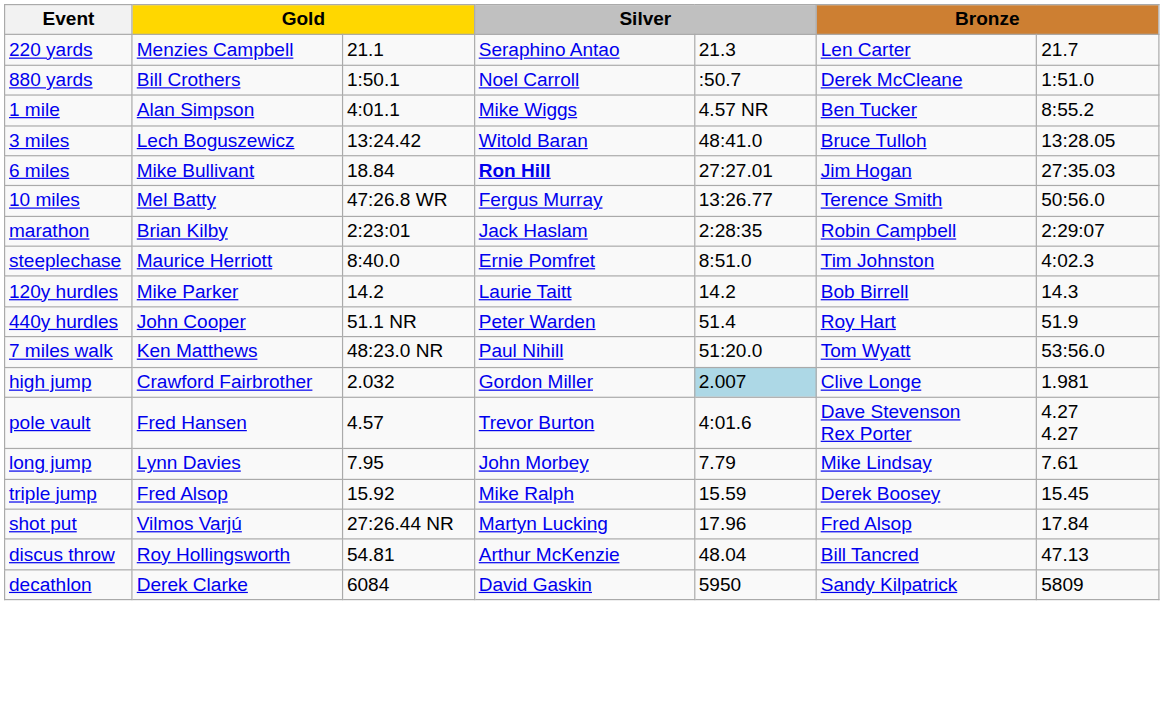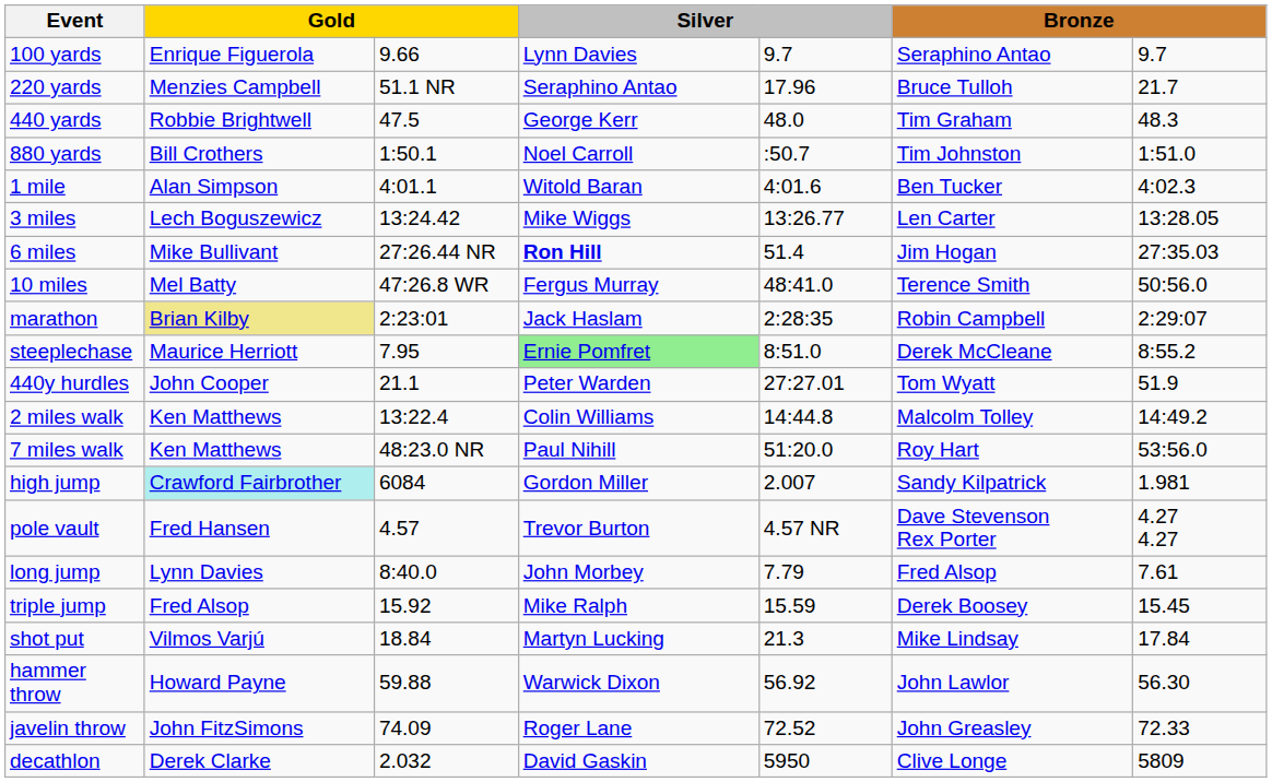 <table class="wikitable" style="text-align:left">
 <tr>
 <th width=100>Event</th>
 <th colspan="2" width="280" style="background:gold;">Gold</th>
 <th colspan="2" width="280" style="background:silver;">Silver</th>
 <th colspan="2" width="280" style="background:#CD7F32;">Bronze</th>
 </tr>
 <tr>
+<td><a href='#'>100 yards</a></td>
+<td> <a href='#'>Enrique Figuerola</a></td>
+<td>9.66</td>
+<td> <a href='#'>Lynn Davies</a></td>
+<td>9.7</td>
+<td> <a href='#'>Seraphino Antao</a></td>
+<td>9.7</td>
+</tr>
+<tr>
 <td><a href='#'>220 yards</a></td>
 <td> <a href='#'>Menzies Campbell</a></td>
-<td>21.1</td>
+<td>51.1 NR</td>
 <td> <a href='#'>Seraphino Antao</a></td>
-<td>21.3</td>
-<td><a href='#'>Len Carter</a></td>
+<td>17.96</td>
+<td><a href='#'>Bruce Tulloh</a></td>
 <td>21.7</td>
+</tr>
+<tr>
+<td><a href='#'>440 yards</a></td>
+<td><a href='#'>Robbie Brightwell</a></td>
+<td>47.5</td>
+<td> <a href='#'>George Kerr</a></td>
+<td>48.0</td>
+<td><a href='#'>Tim Graham</a></td>
+<td>48.3</td>
 </tr>
 <tr>
 <td><a href='#'>880 yards</a></td>
 <td> <a href='#'>Bill Crothers</a></td>
 <td>1:50.1</td>
 <td> <a href='#'>Noel Carroll</a></td>
 <td>:50.7</td>
-<td> <a href='#'>Derek McCleane</a></td>
+<td><a href='#'>Tim Johnston</a></td>
 <td>1:51.0</td>
 </tr>
 <tr>
 <td><a href='#'>1 mile</a></td>
 <td><a href='#'>Alan Simpson</a></td>
 <td>4:01.1</td>
-<td><a href='#'>Mike Wiggs</a></td>
-<td>4.57 NR</td>
+<td> <a href='#'>Witold Baran</a></td>
+<td>4:01.6</td>
 <td> <a href='#'>Ben Tucker</a></td>
-<td>8:55.2</td>
+<td>4:02.3</td>
 </tr>
 <tr>
 <td><a href='#'>3 miles</a></td>
 <td> <a href='#'>Lech Boguszewicz</a></td>
 <td>13:24.42</td>
-<td> <a href='#'>Witold Baran</a></td>
-<td>48:41.0</td>
-<td><a href='#'>Bruce Tulloh</a></td>
+<td><a href='#'>Mike Wiggs</a></td>
+<td>13:26.77</td>
+<td><a href='#'>Len Carter</a></td>
 <td>13:28.05</td>
 </tr>
 <tr>
 <td><a href='#'>6 miles</a></td>
 <td><a href='#'>Mike Bullivant</a></td>
-<td>18.84</td>
+<td>27:26.44 NR</td>
 <td><strong><a href='#'>Ron Hill</a></strong></td>
-<td>27:27.01</td>
+<td>51.4</td>
 <td><a href='#'>Jim Hogan</a></td>
 <td>27:35.03</td>
 </tr>
 <tr>
 <td><a href='#'>10 miles</a></td>
 <td><a href='#'>Mel Batty</a></td>
 <td>47:26.8 WR</td>
 <td> <a href='#'>Fergus Murray</a></td>
-<td>13:26.77</td>
+<td>48:41.0</td>
 <td><a href='#'>Terence Smith</a></td>
 <td>50:56.0</td>
 </tr>
 <tr>
 <td><a href='#'>marathon</a></td>
-<td><a href='#'>Brian Kilby</a></td>
+<td style="background: khaki;"><a href='#'>Brian Kilby</a></td>
 <td>2:23:01</td>
 <td><a href='#'>Jack Haslam</a></td>
 <td>2:28:35</td>
 <td><a href='#'>Robin Campbell</a></td>
 <td>2:29:07</td>
 </tr>
 <tr>
 <td><a href='#'>steeplechase</a></td>
 <td><a href='#'>Maurice Herriott</a></td>
-<td>8:40.0</td>
-<td><a href='#'>Ernie Pomfret</a></td>
+<td>7.95</td>
+<td style="background: lightgreen;"><a href='#'>Ernie Pomfret</a></td>
 <td>8:51.0</td>
-<td><a href='#'>Tim Johnston</a></td>
-<td>4:02.3</td>
-</tr>
-<tr>
-<td><a href='#'>120y hurdles</a></td>
-<td><a href='#'>Mike Parker</a></td>
-<td>14.2</td>
-<td><a href='#'>Laurie Taitt</a></td>
-<td>14.2</td>
-<td><a href='#'>Bob Birrell</a></td>
-<td>14.3</td>
+<td> <a href='#'>Derek McCleane</a></td>
+<td>8:55.2</td>
 </tr>
 <tr>
 <td><a href='#'>440y hurdles</a></td>
 <td><a href='#'>John Cooper</a></td>
-<td>51.1 NR</td>
+<td>21.1</td>
 <td><a href='#'>Peter Warden</a></td>
-<td>51.4</td>
-<td><a href='#'>Roy Hart</a></td>
+<td>27:27.01</td>
+<td> <a href='#'>Tom Wyatt</a></td>
 <td>51.9</td>
+</tr>
+<tr>
+<td><a href='#'>2 miles walk</a></td>
+<td><a href='#'>Ken Matthews</a></td>
+<td>13:22.4</td>
+<td><a href='#'>Colin Williams</a></td>
+<td>14:44.8</td>
+<td><a href='#'>Malcolm Tolley</a></td>
+<td>14:49.2</td>
 </tr>
 <tr>
 <td><a href='#'>7 miles walk</a></td>
 <td><a href='#'>Ken Matthews</a></td>
 <td>48:23.0 NR</td>
 <td><a href='#'>Paul Nihill</a></td>
 <td>51:20.0</td>
-<td> <a href='#'>Tom Wyatt</a></td>
+<td><a href='#'>Roy Hart</a></td>
 <td>53:56.0</td>
 </tr>
 <tr>
 <td><a href='#'>high jump</a></td>
-<td> <a href='#'>Crawford Fairbrother</a></td>
-<td>2.032</td>
+<td style="background: paleturquoise;"> <a href='#'>Crawford Fairbrother</a></td>
+<td>6084</td>
 <td><a href='#'>Gordon Miller</a></td>
-<td style="background: lightblue;">2.007</td>
-<td> <a href='#'>Clive Longe</a></td>
+<td>2.007</td>
+<td> <a href='#'>Sandy Kilpatrick</a></td>
 <td>1.981</td>
 </tr>
 <tr>
 <td><a href='#'>pole vault</a></td>
 <td> <a href='#'>Fred Hansen</a></td>
 <td>4.57</td>
 <td><a href='#'>Trevor Burton</a></td>
-<td>4:01.6</td>
+<td>4.57 NR</td>
 <td> <a href='#'>Dave Stevenson</a> <br><a href='#'>Rex Porter</a></td>
 <td>4.27<br>4.27</td>
 </tr>
 <tr>
 <td><a href='#'>long jump</a></td>
 <td> <a href='#'>Lynn Davies</a></td>
-<td>7.95</td>
+<td>8:40.0</td>
 <td><a href='#'>John Morbey</a></td>
 <td>7.79</td>
-<td> <a href='#'>Mike Lindsay</a></td>
+<td><a href='#'>Fred Alsop</a></td>
 <td>7.61</td>
 </tr>
 <tr>
 <td><a href='#'>triple jump</a></td>
 <td><a href='#'>Fred Alsop</a></td>
 <td>15.92</td>
 <td><a href='#'>Mike Ralph</a></td>
 <td>15.59</td>
 <td><a href='#'>Derek Boosey</a></td>
 <td>15.45</td>
 </tr>
 <tr>
 <td><a href='#'>shot put</a></td>
 <td> <a href='#'>Vilmos Varjú</a></td>
-<td>27:26.44 NR</td>
+<td>18.84</td>
 <td><a href='#'>Martyn Lucking</a></td>
-<td>17.96</td>
-<td><a href='#'>Fred Alsop</a></td>
+<td>21.3</td>
+<td> <a href='#'>Mike Lindsay</a></td>
 <td>17.84</td>
 </tr>
 <tr>
-<td><a href='#'>discus throw</a></td>
-<td><a href='#'>Roy Hollingsworth</a></td>
-<td>54.81</td>
-<td><a href='#'>Arthur McKenzie</a></td>
-<td>48.04</td>
-<td><a href='#'>Bill Tancred</a></td>
-<td>47.13</td>
+<td><a href='#'>hammer throw</a></td>
+<td><a href='#'>Howard Payne</a></td>
+<td>59.88</td>
+<td><a href='#'>Warwick Dixon</a></td>
+<td>56.92</td>
+<td> <a href='#'>John Lawlor</a></td>
+<td>56.30</td>
+</tr>
+<tr>
+<td><a href='#'>javelin throw</a></td>
+<td><a href='#'>John FitzSimons</a></td>
+<td>74.09</td>
+<td><a href='#'>Roger Lane</a></td>
+<td>72.52</td>
+<td><a href='#'>John Greasley</a></td>
+<td>72.33</td>
 </tr>
 <tr>
 <td><a href='#'>decathlon</a></td>
 <td><a href='#'>Derek Clarke</a></td>
-<td>6084</td>
+<td>2.032</td>
 <td><a href='#'>David Gaskin</a></td>
 <td>5950</td>
-<td> <a href='#'>Sandy Kilpatrick</a></td>
+<td> <a href='#'>Clive Longe</a></td>
 <td>5809</td>
 </tr>
 </table>
